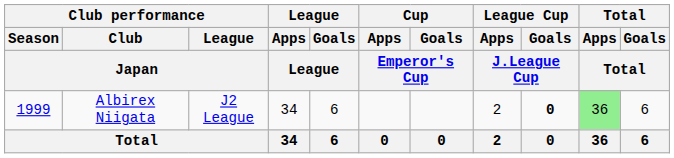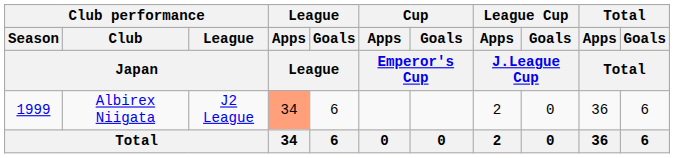 <table class="wikitable" style="text-align:center;">
 <tr>
 <th colspan=3>Club performance</th>
 <th colspan=2>League</th>
 <th colspan=2>Cup</th>
 <th colspan=2>League Cup</th>
 <th colspan=2>Total</th>
 </tr>
 <tr>
 <th>Season</th>
 <th>Club</th>
 <th>League</th>
 <th>Apps</th>
 <th>Goals</th>
 <th>Apps</th>
 <th>Goals</th>
 <th>Apps</th>
 <th>Goals</th>
 <th>Apps</th>
 <th>Goals</th>
 </tr>
 <tr>
 <th colspan=3>Japan</th>
 <th colspan=2>League</th>
 <th colspan=2><a href='#'>Emperor's Cup</a></th>
 <th colspan=2><a href='#'>J.League Cup</a></th>
 <th colspan=2>Total</th>
 </tr>
 <tr>
 <td><a href='#'>1999</a></td>
 <td><a href='#'>Albirex Niigata</a></td>
 <td><a href='#'>J2 League</a></td>
-<td>34</td>
+<td style="background: lightsalmon;">34</td>
 <td>6</td>
 <td></td>
 <td></td>
 <td>2</td>
-<td><strong>0</strong></td>
-<td style="background: lightgreen;">36</td>
+<td>0</td>
+<td>36</td>
 <td>6</td>
 </tr>
 <tr>
 <th colspan=3>Total</th>
 <th>34</th>
 <th>6</th>
 <th>0</th>
 <th>0</th>
 <th>2</th>
 <th>0</th>
 <th>36</th>
 <th>6</th>
 </tr>
 </table>
